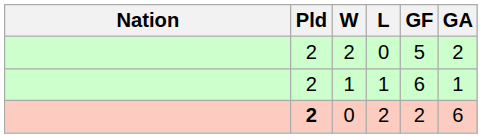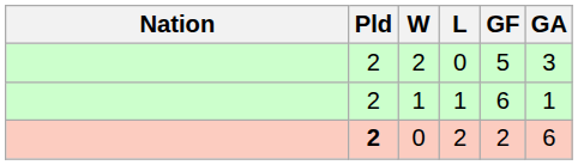 <table class=wikitable style="text-align:center">
 <tr>
 <th width=220>Nation</th>
 <th width=20>Pld</th>
 <th width=20>W</th>
 <th width=20>L</th>
 <th width=20>GF</th>
 <th width=20>GA</th>
 </tr>
 <tr bgcolor="#ccffcc">
 <td align=left></td>
 <td>2</td>
 <td>2</td>
 <td>0</td>
 <td>5</td>
-<td>2</td>
+<td>3</td>
 </tr>
 <tr bgcolor="#ccffcc">
 <td align=left></td>
 <td>2</td>
 <td>1</td>
 <td>1</td>
 <td>6</td>
 <td>1</td>
 </tr>
 <tr bgcolor="#fcccc">
 <td align=left></td>
 <td><strong>2</strong></td>
 <td>0</td>
 <td>2</td>
 <td>2</td>
 <td>6</td>
 </tr>
 </table>
